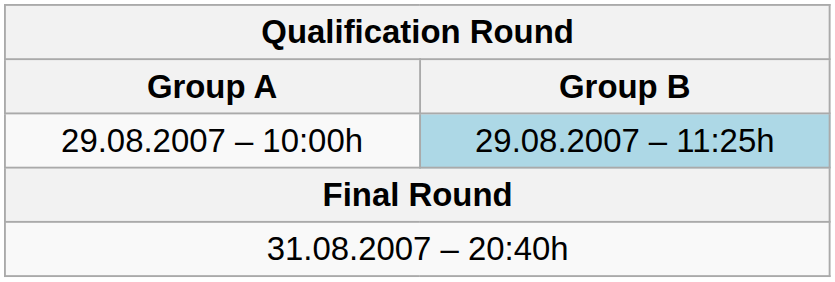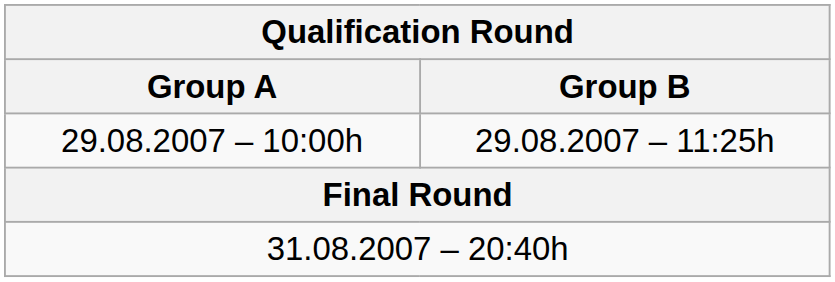 <table class="wikitable" style=" text-align:center; font-size:110%;" width="35%">
 <tr>
 <th colspan="2">Qualification Round</th>
 </tr>
 <tr>
 <th>Group A</th>
 <th>Group B</th>
 </tr>
 <tr>
 <td>29.08.2007 – 10:00h</td>
-<td style="background: lightblue;">29.08.2007 – 11:25h</td>
+<td>29.08.2007 – 11:25h</td>
 </tr>
 <tr>
 <th colspan="2">Final Round</th>
 </tr>
 <tr>
 <td colspan="2">31.08.2007 – 20:40h</td>
 </tr>
 </table>
